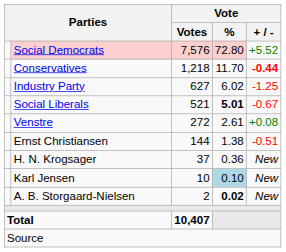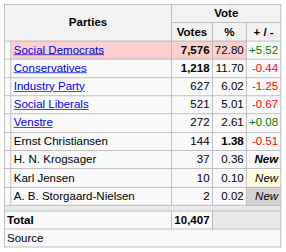 <table class="wikitable" style="text-align:right;">
 <tr>
 <th style="text-align:centre;" rowspan="2" colspan="2" width="225">Parties</th>
 <th colspan="3">Vote</th>
 </tr>
 <tr>
 <th width="15">Votes</th>
 <th width="15">%</th>
 <th width="15">+ / -</th>
 </tr>
 <tr>
 <td width="2" style="color:inherit;background:"></td>
 <td bgcolor=#fbd0ce  align="left"><a href='#'>Social Democrats</a></td>
-<td bgcolor=#fbd0ce>7,576</td>
+<td bgcolor=#fbd0ce><strong>7,576</strong></td>
 <td bgcolor=#fbd0ce>72.80</td>
 <td style=color:green;>+5.52</td>
 </tr>
 <tr>
 <td width="2" style="color:inherit;background:"></td>
 <td align="left"><a href='#'>Conservatives</a></td>
-<td>1,218</td>
+<td><strong>1,218</strong></td>
 <td>11.70</td>
-<td style=color:red;><strong>-0.44</strong></td>
+<td style=color:red;>-0.44</td>
 </tr>
 <tr>
 <td width="2" style="color:inherit;background:"></td>
 <td align="left"><a href='#'>Industry Party</a></td>
 <td>627</td>
 <td>6.02</td>
 <td style=color:red;>-1.25</td>
 </tr>
 <tr>
 <td width="2" style="color:inherit;background:"></td>
 <td align="left"><a href='#'>Social Liberals</a></td>
 <td>521</td>
-<td><strong>5.01</strong></td>
+<td>5.01</td>
 <td style=color:red;>-0.67</td>
 </tr>
 <tr>
 <td width="2" style="color:inherit;background:"></td>
 <td align="left"><a href='#'>Venstre</a></td>
 <td>272</td>
 <td>2.61</td>
 <td style=color:green;>+0.08</td>
 </tr>
 <tr>
 <td width="2" style="color:inherit;background:"></td>
 <td align="left">Ernst Christiansen</td>
 <td>144</td>
-<td>1.38</td>
+<td><strong>1.38</strong></td>
 <td style=color:red;>-0.51</td>
 </tr>
 <tr>
 <td width="2" style="color:inherit;background:"></td>
 <td align="left">H. N. Krogsager</td>
 <td>37</td>
 <td>0.36</td>
-<td><em>New</em></td>
+<td><strong><em>New</em></strong></td>
 </tr>
 <tr>
 <td width="2" style="color:inherit;background:"></td>
 <td align="left">Karl Jensen</td>
 <td>10</td>
-<td style="background: lightblue;">0.10</td>
-<td><em>New</em></td>
+<td>0.10</td>
+<td style="background: lightyellow;"><em>New</em></td>
 </tr>
 <tr>
 <td width="2" style="color:inherit;background:"></td>
 <td align="left">A. B. Storgaard-Nielsen</td>
 <td>2</td>
-<td><strong>0.02</strong></td>
-<td><em>New</em></td>
+<td>0.02</td>
+<td style="background: lightgrey;"><em>New</em></td>
 </tr>
 <tr>
 <td colspan="7" bgcolor="#E9E9E9"></td>
 </tr>
 <tr>
 <td align="left" colspan="2"><strong>Total</strong></td>
 <td><strong>10,407</strong></td>
 <td bgcolor="#E9E9E9" colspan="2"></td>
 </tr>
 <tr>
 <td align="left" colspan="6">Source</td>
 </tr>
 </table>
